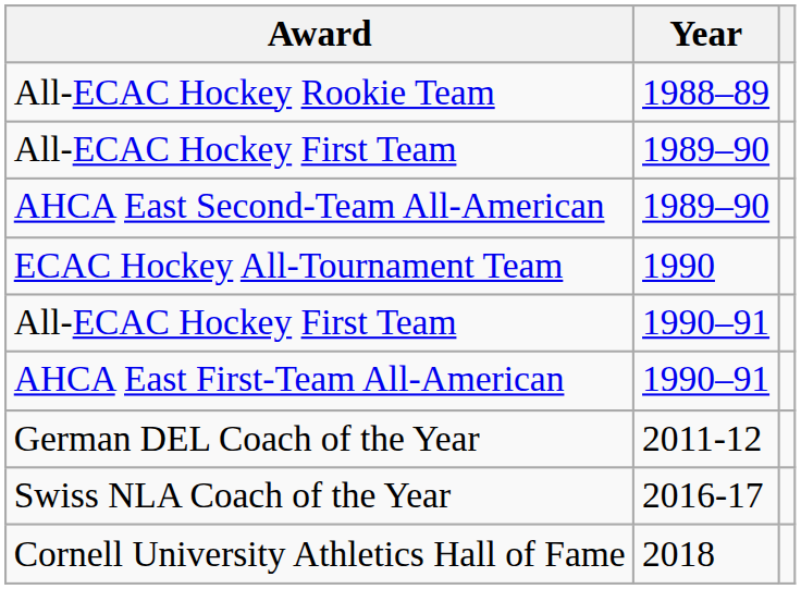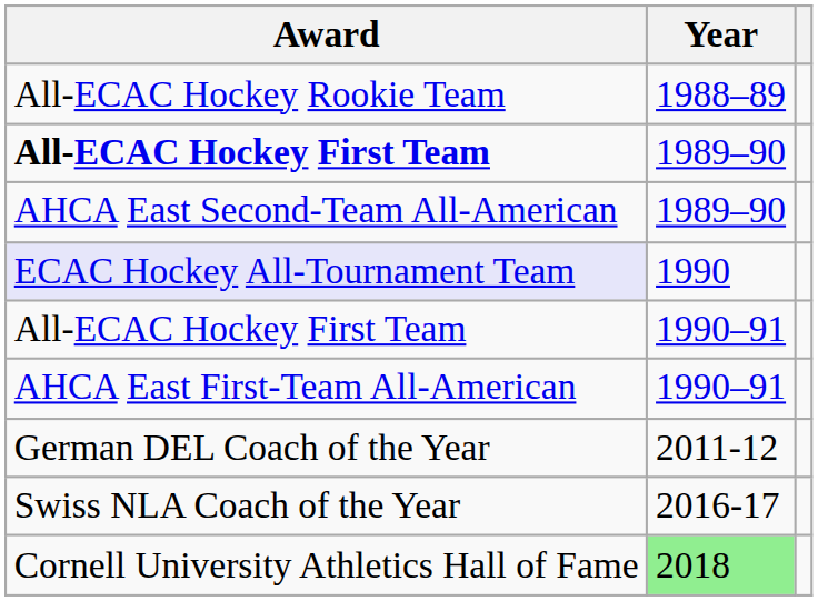 <table class="wikitable">
 <tr>
 <th>Award</th>
 <th>Year</th>
 <th></th>
 </tr>
 <tr>
 <td>All-<a href='#'>ECAC Hockey</a> <a href='#'>Rookie Team</a></td>
 <td><a href='#'>1988–89</a></td>
 <td></td>
 </tr>
 <tr>
-<td>All-<a href='#'>ECAC Hockey</a> <a href='#'>First Team</a></td>
+<td><strong>All-<a href='#'>ECAC Hockey</a> <a href='#'>First Team</a></strong></td>
 <td><a href='#'>1989–90</a></td>
 <td></td>
 </tr>
 <tr>
 <td><a href='#'>AHCA</a> <a href='#'>East Second-Team All-American</a></td>
 <td><a href='#'>1989–90</a></td>
 <td></td>
 </tr>
 <tr>
-<td><a href='#'>ECAC Hockey</a> <a href='#'>All-Tournament Team</a></td>
+<td style="background: lavender;"><a href='#'>ECAC Hockey</a> <a href='#'>All-Tournament Team</a></td>
 <td><a href='#'>1990</a></td>
 <td></td>
 </tr>
 <tr>
 <td>All-<a href='#'>ECAC Hockey</a> <a href='#'>First Team</a></td>
 <td><a href='#'>1990–91</a></td>
 <td></td>
 </tr>
 <tr>
 <td><a href='#'>AHCA</a> <a href='#'>East First-Team All-American</a></td>
 <td><a href='#'>1990–91</a></td>
 <td></td>
 </tr>
 <tr>
 <td>German DEL Coach of the Year</td>
 <td>2011-12</td>
 <td></td>
 </tr>
 <tr>
 <td>Swiss NLA Coach of the Year</td>
 <td>2016-17</td>
 <td></td>
 </tr>
 <tr>
 <td>Cornell University Athletics Hall of Fame</td>
-<td>2018</td>
+<td style="background: lightgreen;">2018</td>
 <td></td>
 </tr>
 </table>
